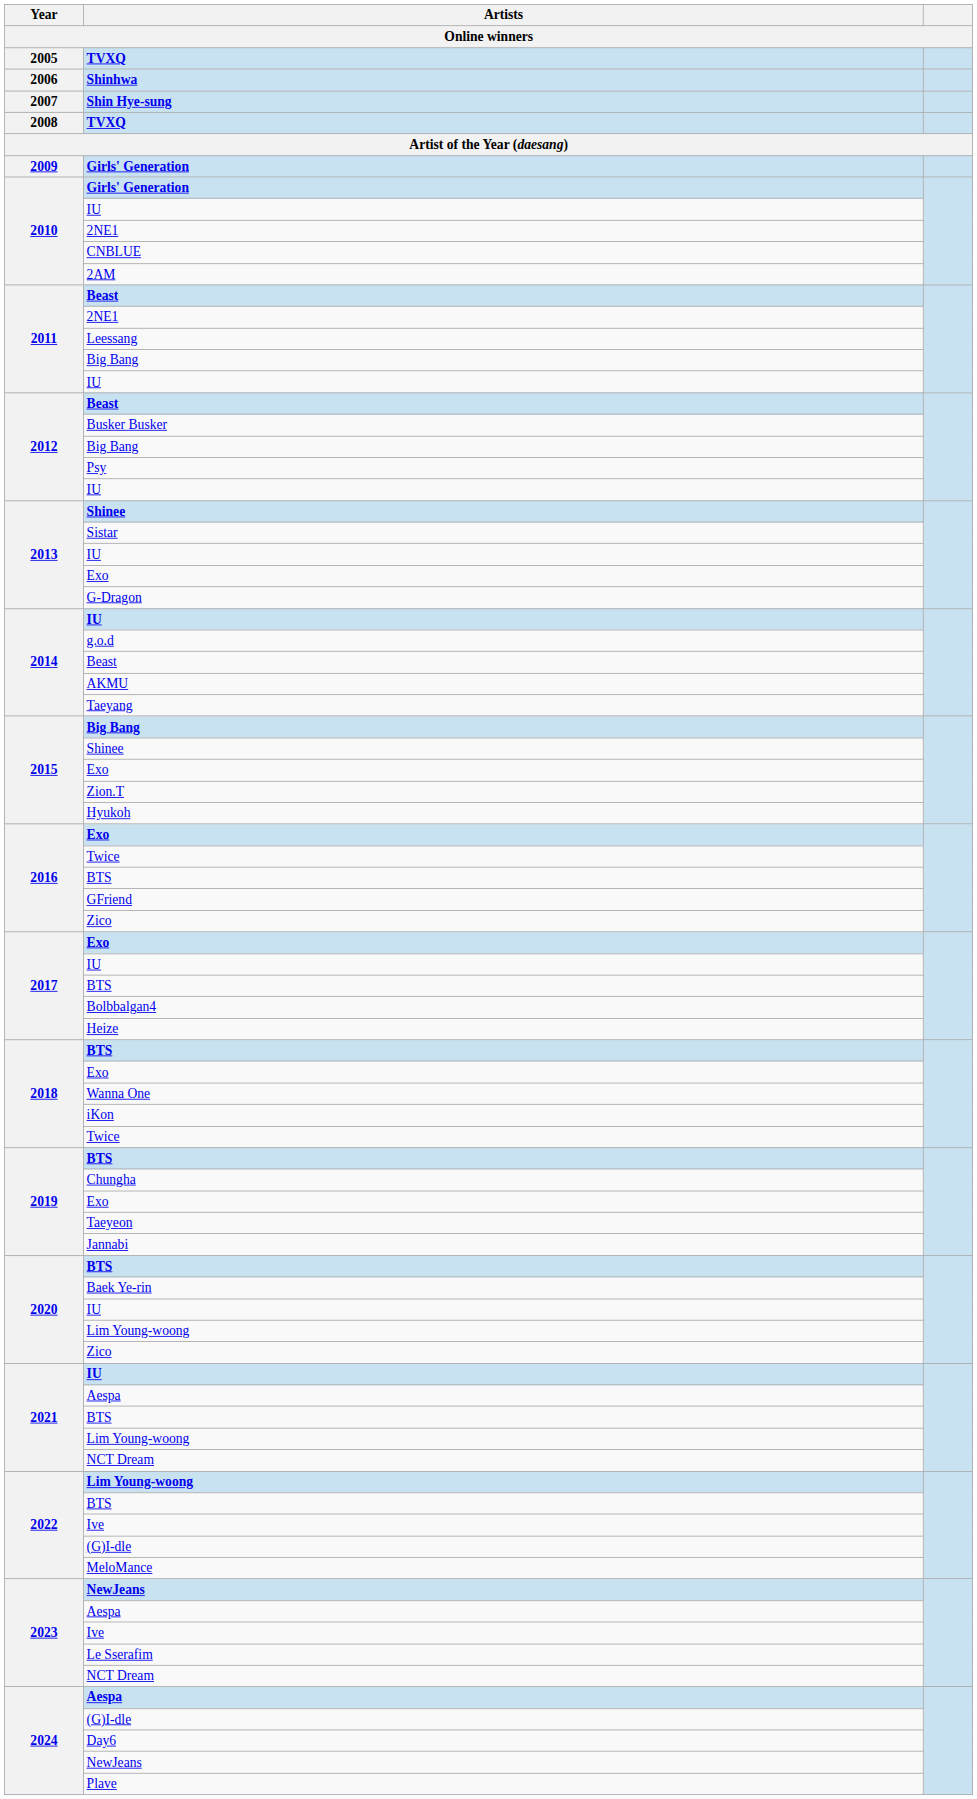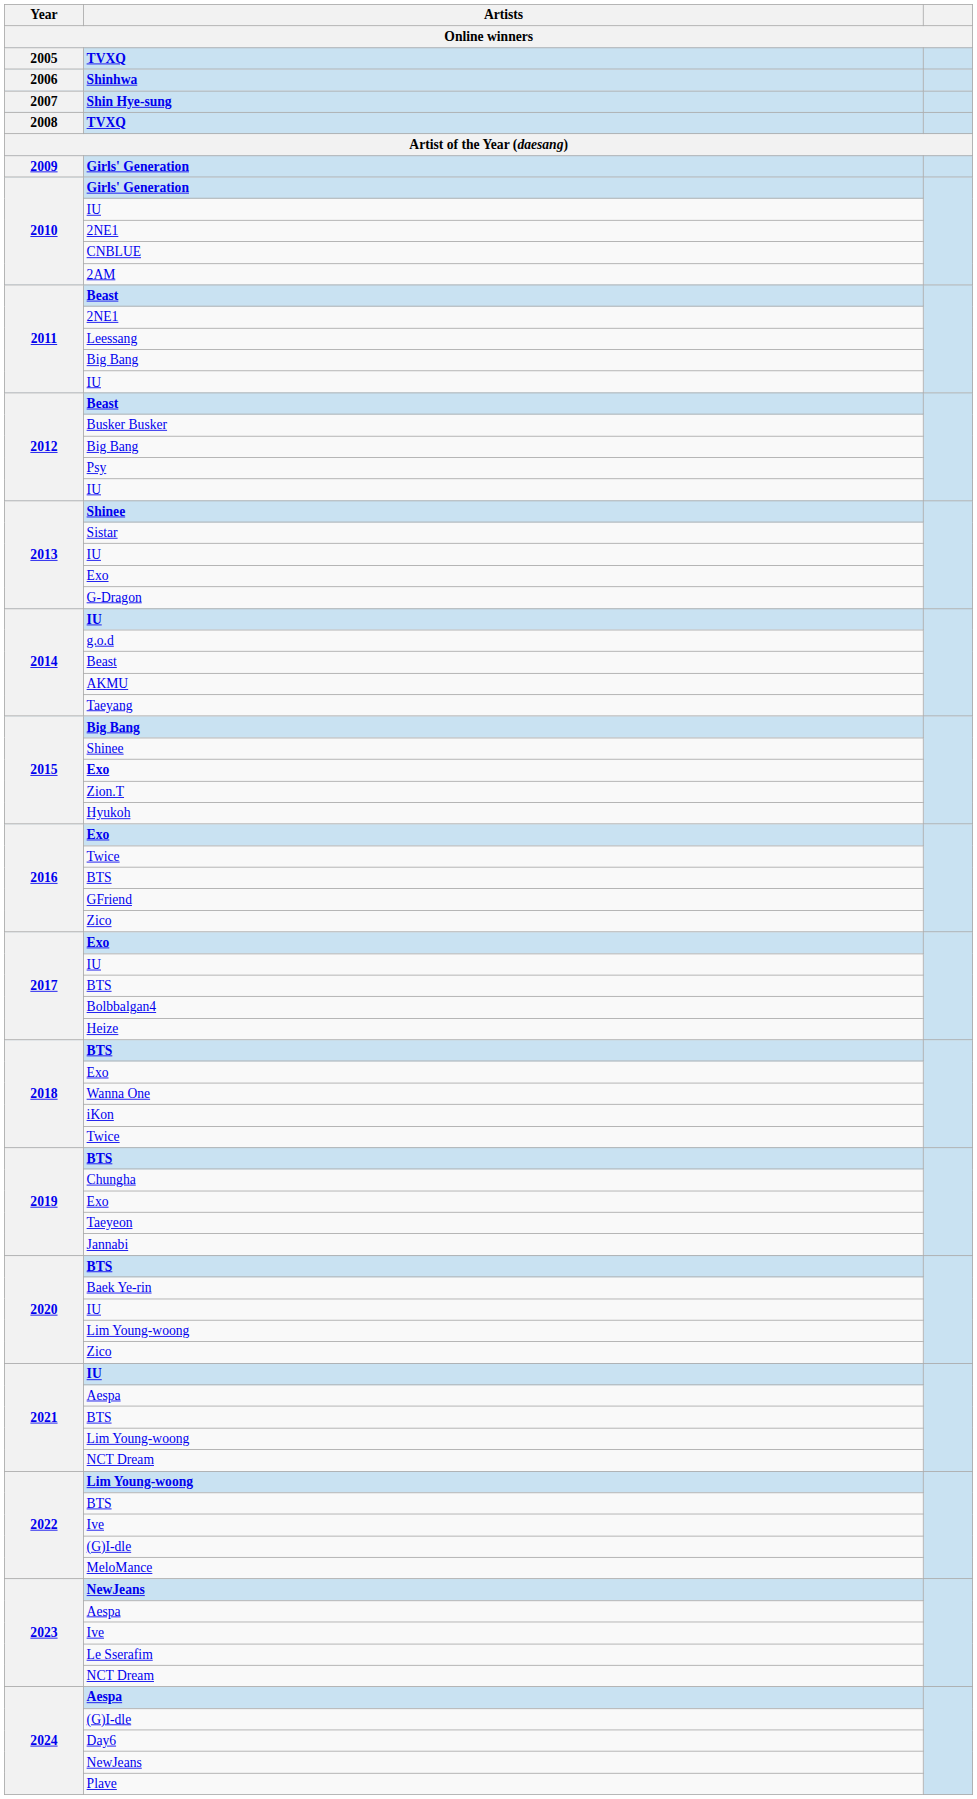 <table class="wikitable" width="72%">
 <tr>
 <th width="8%">Year</th>
 <th width="85%">Artists</th>
 <th scope="col" class="unsortable" ! width="5%"></th>
 </tr>
 <tr>
 <th colspan="3">Online winners</th>
 </tr>
 <tr style="background:#c9e2f2">
 <th>2005</th>
 <td><strong><a href='#'>TVXQ</a></strong></td>
 <td style="text-align:center;"></td>
 </tr>
 <tr style="background:#c9e2f2">
 <th>2006</th>
 <td><strong><a href='#'>Shinhwa</a></strong></td>
 <td style="text-align:center;"></td>
 </tr>
 <tr style="background:#c9e2f2">
 <th>2007</th>
 <td><strong><a href='#'>Shin Hye-sung</a></strong></td>
 <td style="text-align:center;"></td>
 </tr>
 <tr style="background:#c9e2f2">
 <th>2008</th>
 <td><strong><a href='#'>TVXQ</a></strong></td>
 <td style="text-align:center;"></td>
 </tr>
 <tr>
 <th colspan="3">Artist of the Year (<em>daesang</em>)</th>
 </tr>
 <tr style="background:#c9e2f2">
 <th><a href='#'>2009</a></th>
 <td><strong><a href='#'>Girls' Generation</a></strong></td>
 <td style="text-align:center;"></td>
 </tr>
 <tr style="background:#c9e2f2">
 <th rowspan="5"><a href='#'>2010</a></th>
 <td><strong><a href='#'>Girls' Generation</a></strong></td>
 <td rowspan="5" style="text-align:center;"></td>
 </tr>
 <tr>
 <td><a href='#'>IU</a></td>
 </tr>
 <tr>
 <td><a href='#'>2NE1</a></td>
 </tr>
 <tr>
 <td><a href='#'>CNBLUE</a></td>
 </tr>
 <tr>
 <td><a href='#'>2AM</a></td>
 </tr>
 <tr style="background:#c9e2f2">
 <th rowspan="5"><a href='#'>2011</a></th>
 <td><a href='#'><strong>Beast</strong></a></td>
 <td style="text-align:center;" rowspan="5"></td>
 </tr>
 <tr>
 <td><a href='#'>2NE1</a></td>
 </tr>
 <tr>
 <td><a href='#'>Leessang</a></td>
 </tr>
 <tr>
 <td><a href='#'>Big Bang</a></td>
 </tr>
 <tr>
 <td><a href='#'>IU</a></td>
 </tr>
 <tr style="background:#c9e2f2">
 <th rowspan="5"><a href='#'>2012</a></th>
 <td><a href='#'><strong>Beast</strong></a></td>
 <td style="text-align:center;" rowspan="5"></td>
 </tr>
 <tr>
 <td><a href='#'>Busker Busker</a></td>
 </tr>
 <tr>
 <td><a href='#'>Big Bang</a></td>
 </tr>
 <tr>
 <td><a href='#'>Psy</a></td>
 </tr>
 <tr>
 <td><a href='#'>IU</a></td>
 </tr>
 <tr style="background:#c9e2f2">
 <th rowspan="5"><a href='#'>2013</a></th>
 <td><strong><a href='#'>Shinee</a></strong></td>
 <td style="text-align:center;" rowspan="5"></td>
 </tr>
 <tr>
 <td><a href='#'>Sistar</a></td>
 </tr>
 <tr>
 <td><a href='#'>IU</a></td>
 </tr>
 <tr>
 <td><a href='#'>Exo</a></td>
 </tr>
 <tr>
 <td><a href='#'>G-Dragon</a></td>
 </tr>
 <tr style="background:#c9e2f2">
 <th rowspan="5"><a href='#'>2014</a></th>
 <td><a href='#'><strong>IU</strong></a></td>
 <td style="text-align:center;" rowspan="5"></td>
 </tr>
 <tr>
 <td><a href='#'>g.o.d</a></td>
 </tr>
 <tr>
 <td><a href='#'>Beast</a></td>
 </tr>
 <tr>
 <td><a href='#'>AKMU</a></td>
 </tr>
 <tr>
 <td><a href='#'>Taeyang</a></td>
 </tr>
 <tr style="background:#c9e2f2">
 <th rowspan="5"><a href='#'>2015</a></th>
 <td><a href='#'><strong>Big Bang</strong></a></td>
 <td style="text-align:center;" rowspan="5"></td>
 </tr>
 <tr>
 <td><a href='#'>Shinee</a></td>
 </tr>
 <tr>
-<td><a href='#'>Exo</a></td>
+<td><strong><a href='#'>Exo</a></strong></td>
 </tr>
 <tr>
 <td><a href='#'>Zion.T</a></td>
 </tr>
 <tr>
 <td><a href='#'>Hyukoh</a></td>
 </tr>
 <tr style="background:#c9e2f2">
 <th rowspan="5"><a href='#'>2016</a></th>
 <td><strong><a href='#'>Exo</a></strong></td>
 <td style="text-align:center;" rowspan="5"></td>
 </tr>
 <tr>
 <td><a href='#'>Twice</a></td>
 </tr>
 <tr>
 <td><a href='#'>BTS</a></td>
 </tr>
 <tr>
 <td><a href='#'>GFriend</a></td>
 </tr>
 <tr>
 <td><a href='#'>Zico</a></td>
 </tr>
 <tr style="background:#c9e2f2">
 <th rowspan="5"><a href='#'>2017</a></th>
 <td><strong><a href='#'>Exo</a></strong></td>
 <td style="text-align:center;" rowspan="5"></td>
 </tr>
 <tr>
 <td><a href='#'>IU</a></td>
 </tr>
 <tr>
 <td><a href='#'>BTS</a></td>
 </tr>
 <tr>
 <td><a href='#'>Bolbbalgan4</a></td>
 </tr>
 <tr>
 <td><a href='#'>Heize</a></td>
 </tr>
 <tr style="background:#c9e2f2">
 <th rowspan="5"><a href='#'>2018</a></th>
 <td><strong><a href='#'>BTS</a></strong></td>
 <td style="text-align:center;" rowspan="5"></td>
 </tr>
 <tr>
 <td><a href='#'>Exo</a></td>
 </tr>
 <tr>
 <td><a href='#'>Wanna One</a></td>
 </tr>
 <tr>
 <td><a href='#'>iKon</a></td>
 </tr>
 <tr>
 <td><a href='#'>Twice</a></td>
 </tr>
 <tr style="background:#c9e2f2">
 <th rowspan="5"><a href='#'>2019</a></th>
 <td><strong><a href='#'>BTS</a></strong></td>
 <td style="text-align:center;" rowspan="5"></td>
 </tr>
 <tr>
 <td><a href='#'>Chungha</a></td>
 </tr>
 <tr>
 <td><a href='#'>Exo</a></td>
 </tr>
 <tr>
 <td><a href='#'>Taeyeon</a></td>
 </tr>
 <tr>
 <td><a href='#'>Jannabi</a></td>
 </tr>
 <tr style="background:#c9e2f2">
 <th rowspan="5"><a href='#'>2020</a></th>
 <td><strong><a href='#'>BTS</a></strong></td>
 <td style="text-align:center;" rowspan="5"></td>
 </tr>
 <tr>
 <td><a href='#'>Baek Ye-rin</a></td>
 </tr>
 <tr>
 <td><a href='#'>IU</a></td>
 </tr>
 <tr>
 <td><a href='#'>Lim Young-woong</a></td>
 </tr>
 <tr>
 <td><a href='#'>Zico</a></td>
 </tr>
 <tr style="background:#c9e2f2">
 <th rowspan="5"><a href='#'>2021</a></th>
 <td><a href='#'><strong>IU</strong></a></td>
 <td style="text-align:center;" rowspan="5"></td>
 </tr>
 <tr>
 <td><a href='#'>Aespa</a></td>
 </tr>
 <tr>
 <td><a href='#'>BTS</a></td>
 </tr>
 <tr>
 <td><a href='#'>Lim Young-woong</a></td>
 </tr>
 <tr>
 <td><a href='#'>NCT Dream</a></td>
 </tr>
 <tr style="background:#c9e2f2">
 <th rowspan="5"><a href='#'>2022</a></th>
 <td><strong><a href='#'>Lim Young-woong</a></strong></td>
 <td style="text-align:center;" rowspan="5"></td>
 </tr>
 <tr>
 <td><a href='#'>BTS</a></td>
 </tr>
 <tr>
 <td><a href='#'>Ive</a></td>
 </tr>
 <tr>
 <td><a href='#'>(G)I-dle</a></td>
 </tr>
 <tr>
 <td><a href='#'>MeloMance</a></td>
 </tr>
 <tr style="background:#c9e2f2">
 <th rowspan="5"><a href='#'>2023</a></th>
 <td><strong><a href='#'>NewJeans</a></strong></td>
 <td style="text-align:center;" rowspan="5"></td>
 </tr>
 <tr>
 <td><a href='#'>Aespa</a></td>
 </tr>
 <tr>
 <td><a href='#'>Ive</a></td>
 </tr>
 <tr>
 <td><a href='#'>Le Sserafim</a></td>
 </tr>
 <tr>
 <td><a href='#'>NCT Dream</a></td>
 </tr>
 <tr style="background:#c9e2f2">
 <th rowspan="5"><a href='#'>2024</a></th>
 <td><strong><a href='#'>Aespa</a></strong></td>
 <td style="text-align:center;" rowspan="5"></td>
 </tr>
 <tr>
 <td><a href='#'>(G)I-dle</a></td>
 </tr>
 <tr>
 <td><a href='#'>Day6</a></td>
 </tr>
 <tr>
 <td><a href='#'>NewJeans</a></td>
 </tr>
 <tr>
 <td><a href='#'>Plave</a></td>
 </tr>
 </table>
